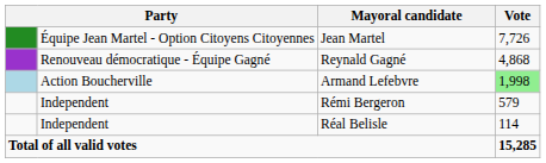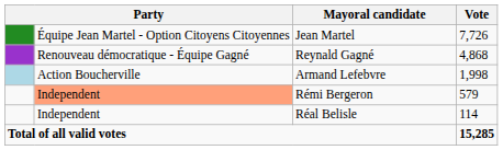 <table class="wikitable">
 <tr>
 <th bgcolor="#DDDDFF" width="230px" colspan="2">Party</th>
 <th bgcolor="#DDDDFF" width="200px">Mayoral candidate</th>
 <th bgcolor="#DDDDFF" width="30px">Vote</th>
 </tr>
 <tr>
 <td bgcolor="#228B22" width="30px"> </td>
 <td>Équipe Jean Martel - Option Citoyens Citoyennes</td>
 <td>Jean Martel</td>
 <td>7,726</td>
 </tr>
 <tr>
 <td bgcolor="#9932CC" width="30px"> </td>
 <td>Renouveau démocratique - Équipe Gagné</td>
 <td>Reynald Gagné</td>
 <td>4,868</td>
 </tr>
 <tr>
 <td bgcolor="#ADD8E6" width="30px"> </td>
 <td>Action Boucherville</td>
 <td>Armand Lefebvre</td>
-<td style="background: lightgreen;">1,998</td>
+<td>1,998</td>
 </tr>
 <tr>
 <td> </td>
-<td>Independent</td>
+<td style="background: lightsalmon;">Independent</td>
 <td>Rémi Bergeron</td>
 <td>579</td>
 </tr>
 <tr>
 <td> </td>
 <td>Independent</td>
 <td>Réal Belisle</td>
 <td>114</td>
 </tr>
 <tr>
 <td colspan="3"><strong>Total of all valid votes</strong></td>
 <td><strong>15,285</strong></td>
 </tr>
 </table>
